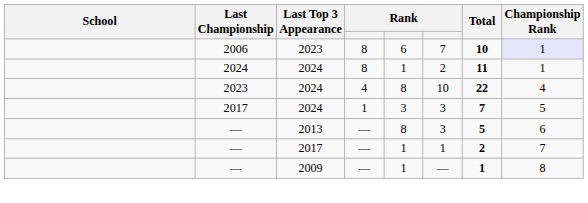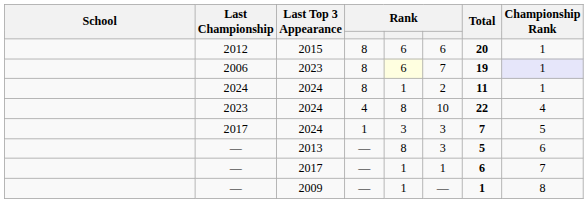 <table class="wikitable sortable" style="text align:center; font-size:90%;">
 <tr bgcolor="#efefef">
 <th rowspan=2 width=220px>School</th>
 <th rowspan=2>Last<br>Championship</th>
 <th rowspan=2>Last Top 3<br>Appearance</th>
 <th colspan=3>Rank</th>
 <th rowspan=2 width=40px>Total</th>
 <th rowspan=2 width=40px>Championship Rank</th>
 </tr>
 <tr>
 <th width=40px></th>
 <th width=40px></th>
 <th width=40px></th>
 </tr>
 <tr>
 <td></td>
+<td align="center">2012</td>
+<td align="center">2015</td>
+<td align="center">8</td>
+<td align="center">6</td>
+<td align="center">6</td>
+<td align="center"><strong>20</strong></td>
+<td align="center">1</td>
+</tr>
+<tr>
+<td></td>
 <td align="center">2006</td>
 <td align="center">2023</td>
 <td align="center">8</td>
-<td align="center">6</td>
+<td align="center" style="background: lightyellow;">6</td>
 <td align="center">7</td>
-<td align="center"><strong>10</strong></td>
+<td align="center"><strong>19</strong></td>
 <td align="center" style="background: lavender;">1</td>
 </tr>
 <tr>
 <td></td>
 <td align="center">2024</td>
 <td align="center">2024</td>
 <td align="center">8</td>
 <td align="center">1</td>
 <td align="center">2</td>
 <td align="center"><strong>11</strong></td>
 <td align="center">1</td>
 </tr>
 <tr>
 <td></td>
 <td align="center">2023</td>
 <td align="center">2024</td>
 <td align="center">4</td>
 <td align="center">8</td>
 <td align="center">10</td>
 <td align="center"><strong>22</strong></td>
 <td align="center">4</td>
 </tr>
 <tr>
 <td></td>
 <td align="center">2017</td>
 <td align="center">2024</td>
 <td align="center">1</td>
 <td align="center">3</td>
 <td align="center">3</td>
 <td align="center"><strong>7</strong></td>
 <td align="center">5</td>
 </tr>
 <tr>
 <td></td>
 <td align="center">—</td>
 <td align="center">2013</td>
 <td align="center">—</td>
 <td align="center">8</td>
 <td align="center">3</td>
 <td align="center"><strong>5</strong></td>
 <td align="center">6</td>
 </tr>
 <tr>
 <td></td>
 <td align="center">—</td>
 <td align="center">2017</td>
 <td align="center">—</td>
 <td align="center">1</td>
 <td align="center">1</td>
-<td align="center"><strong>2</strong></td>
+<td align="center"><strong>6</strong></td>
 <td align="center">7</td>
 </tr>
 <tr>
 <td></td>
 <td align="center">—</td>
 <td align="center">2009</td>
 <td align="center">—</td>
 <td align="center">1</td>
 <td align="center">—</td>
 <td align="center"><strong>1</strong></td>
 <td align="center">8</td>
 </tr>
 </table>
